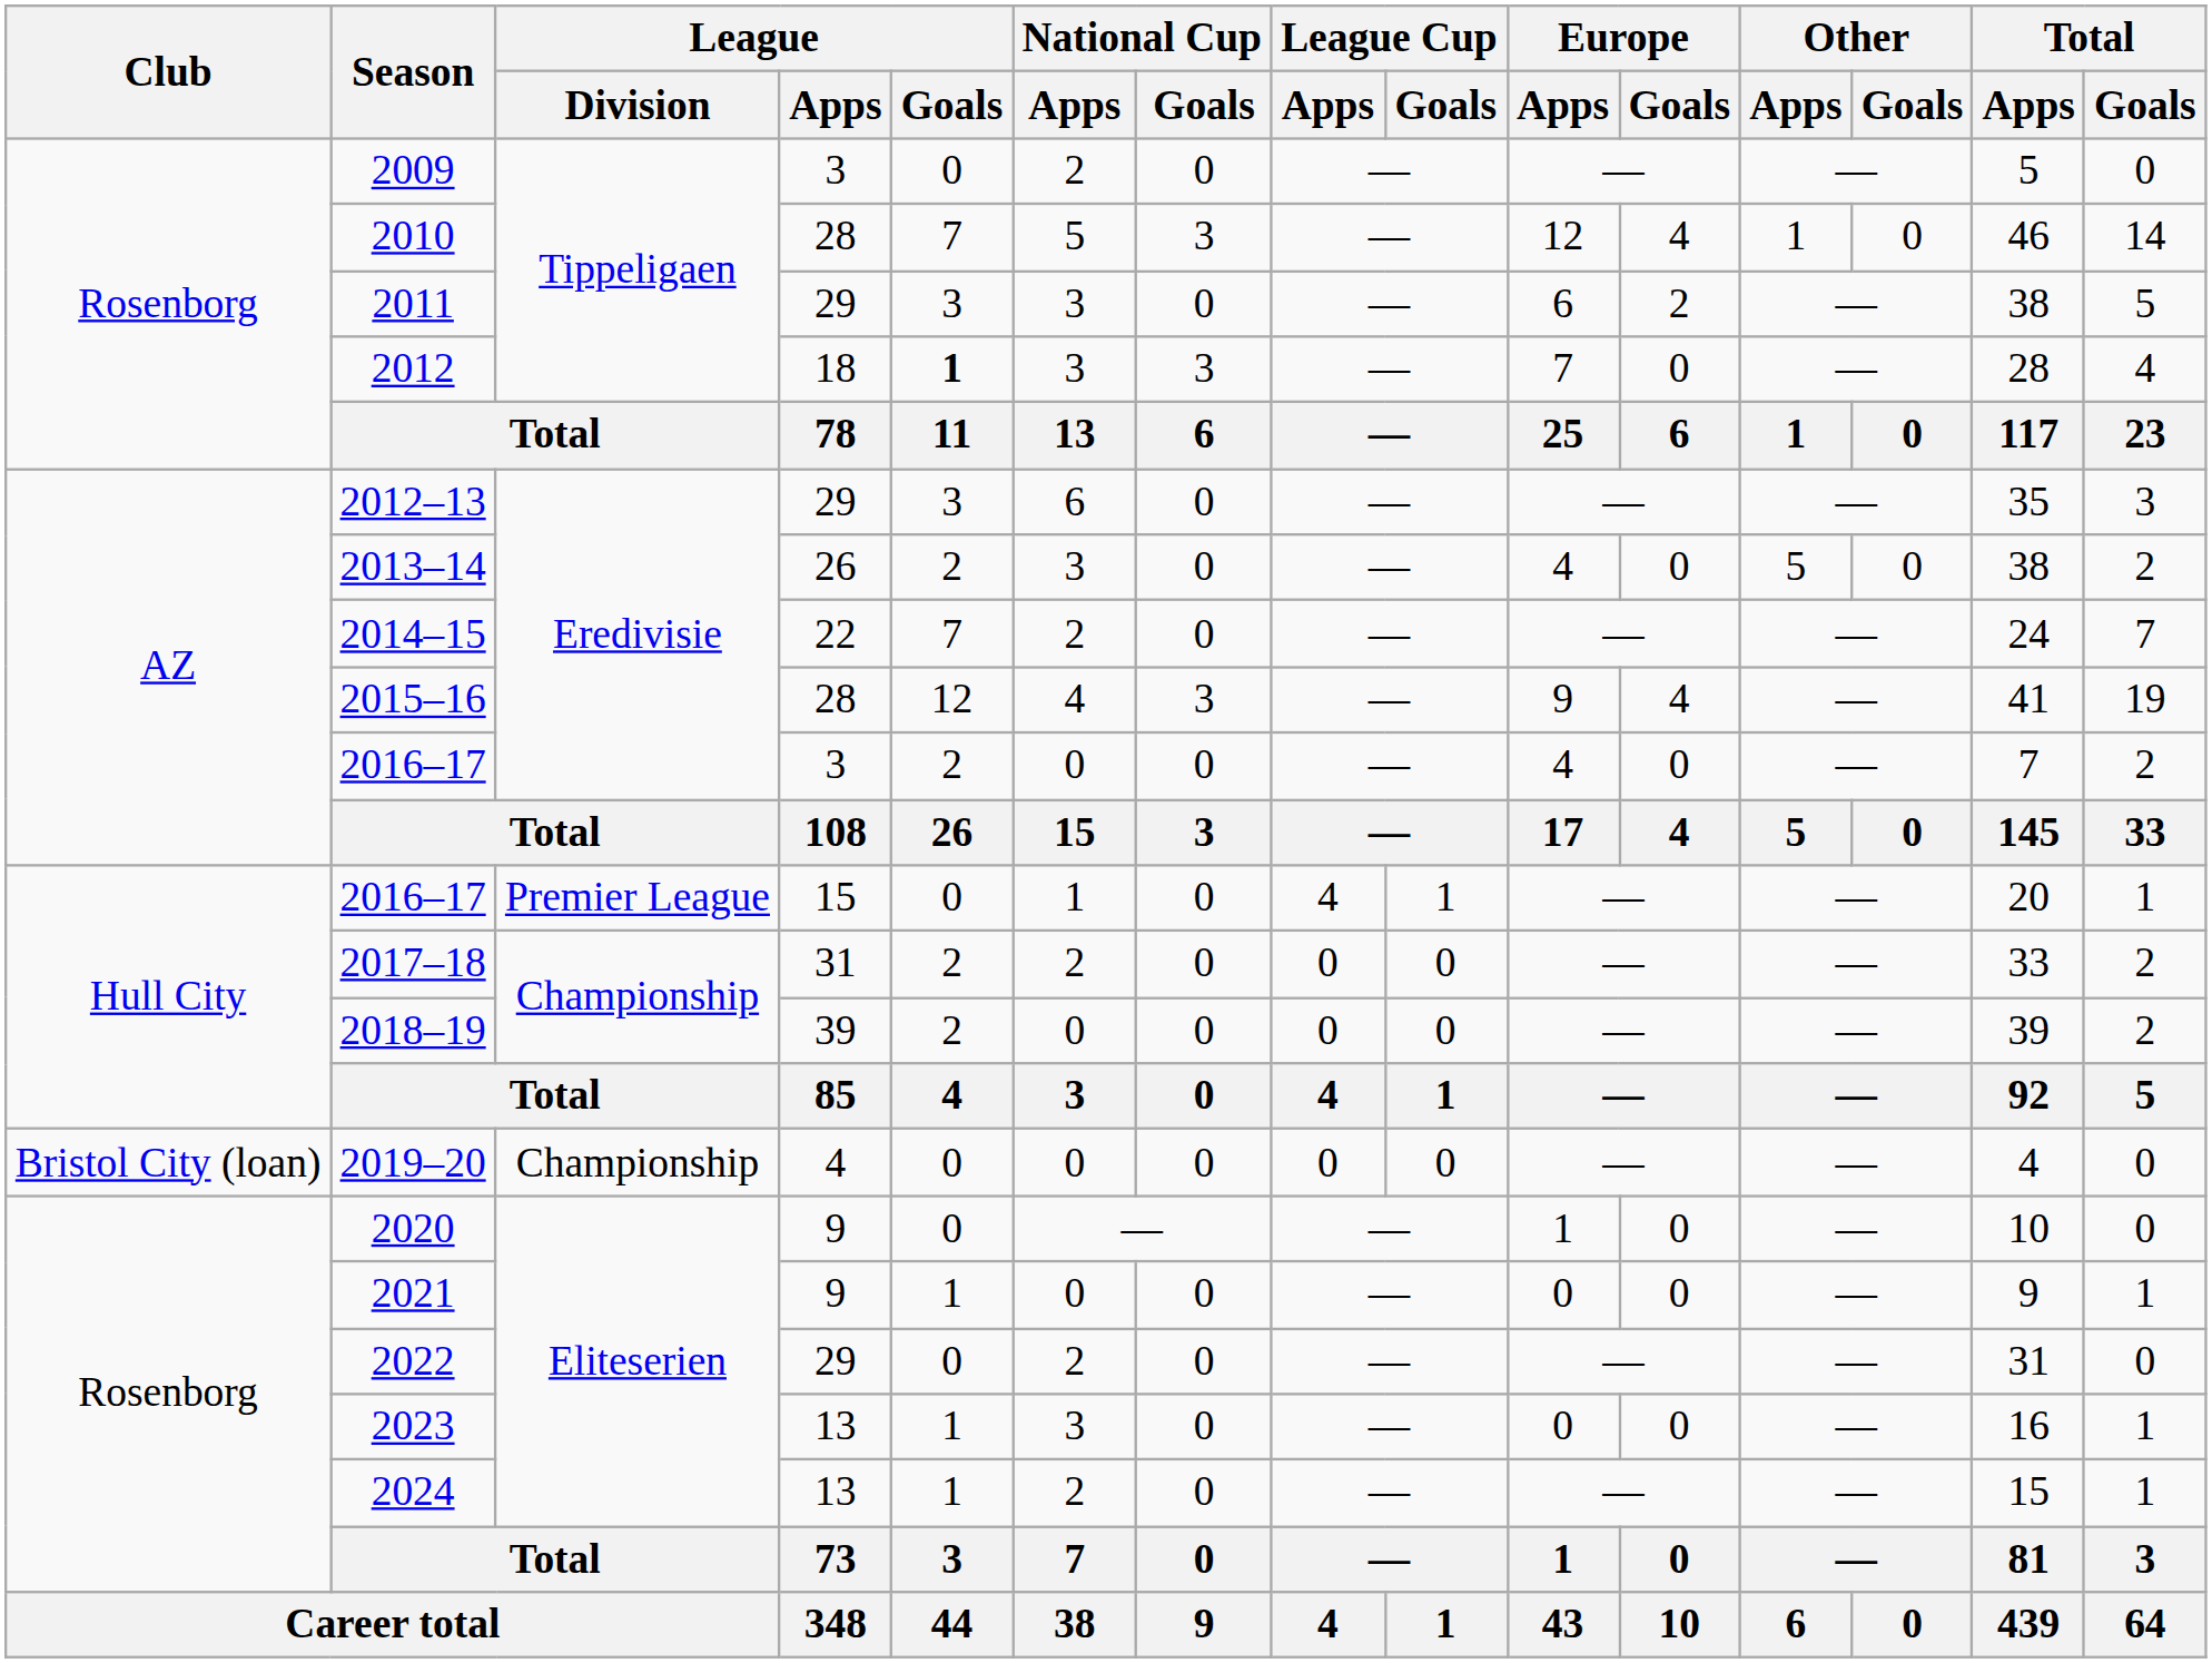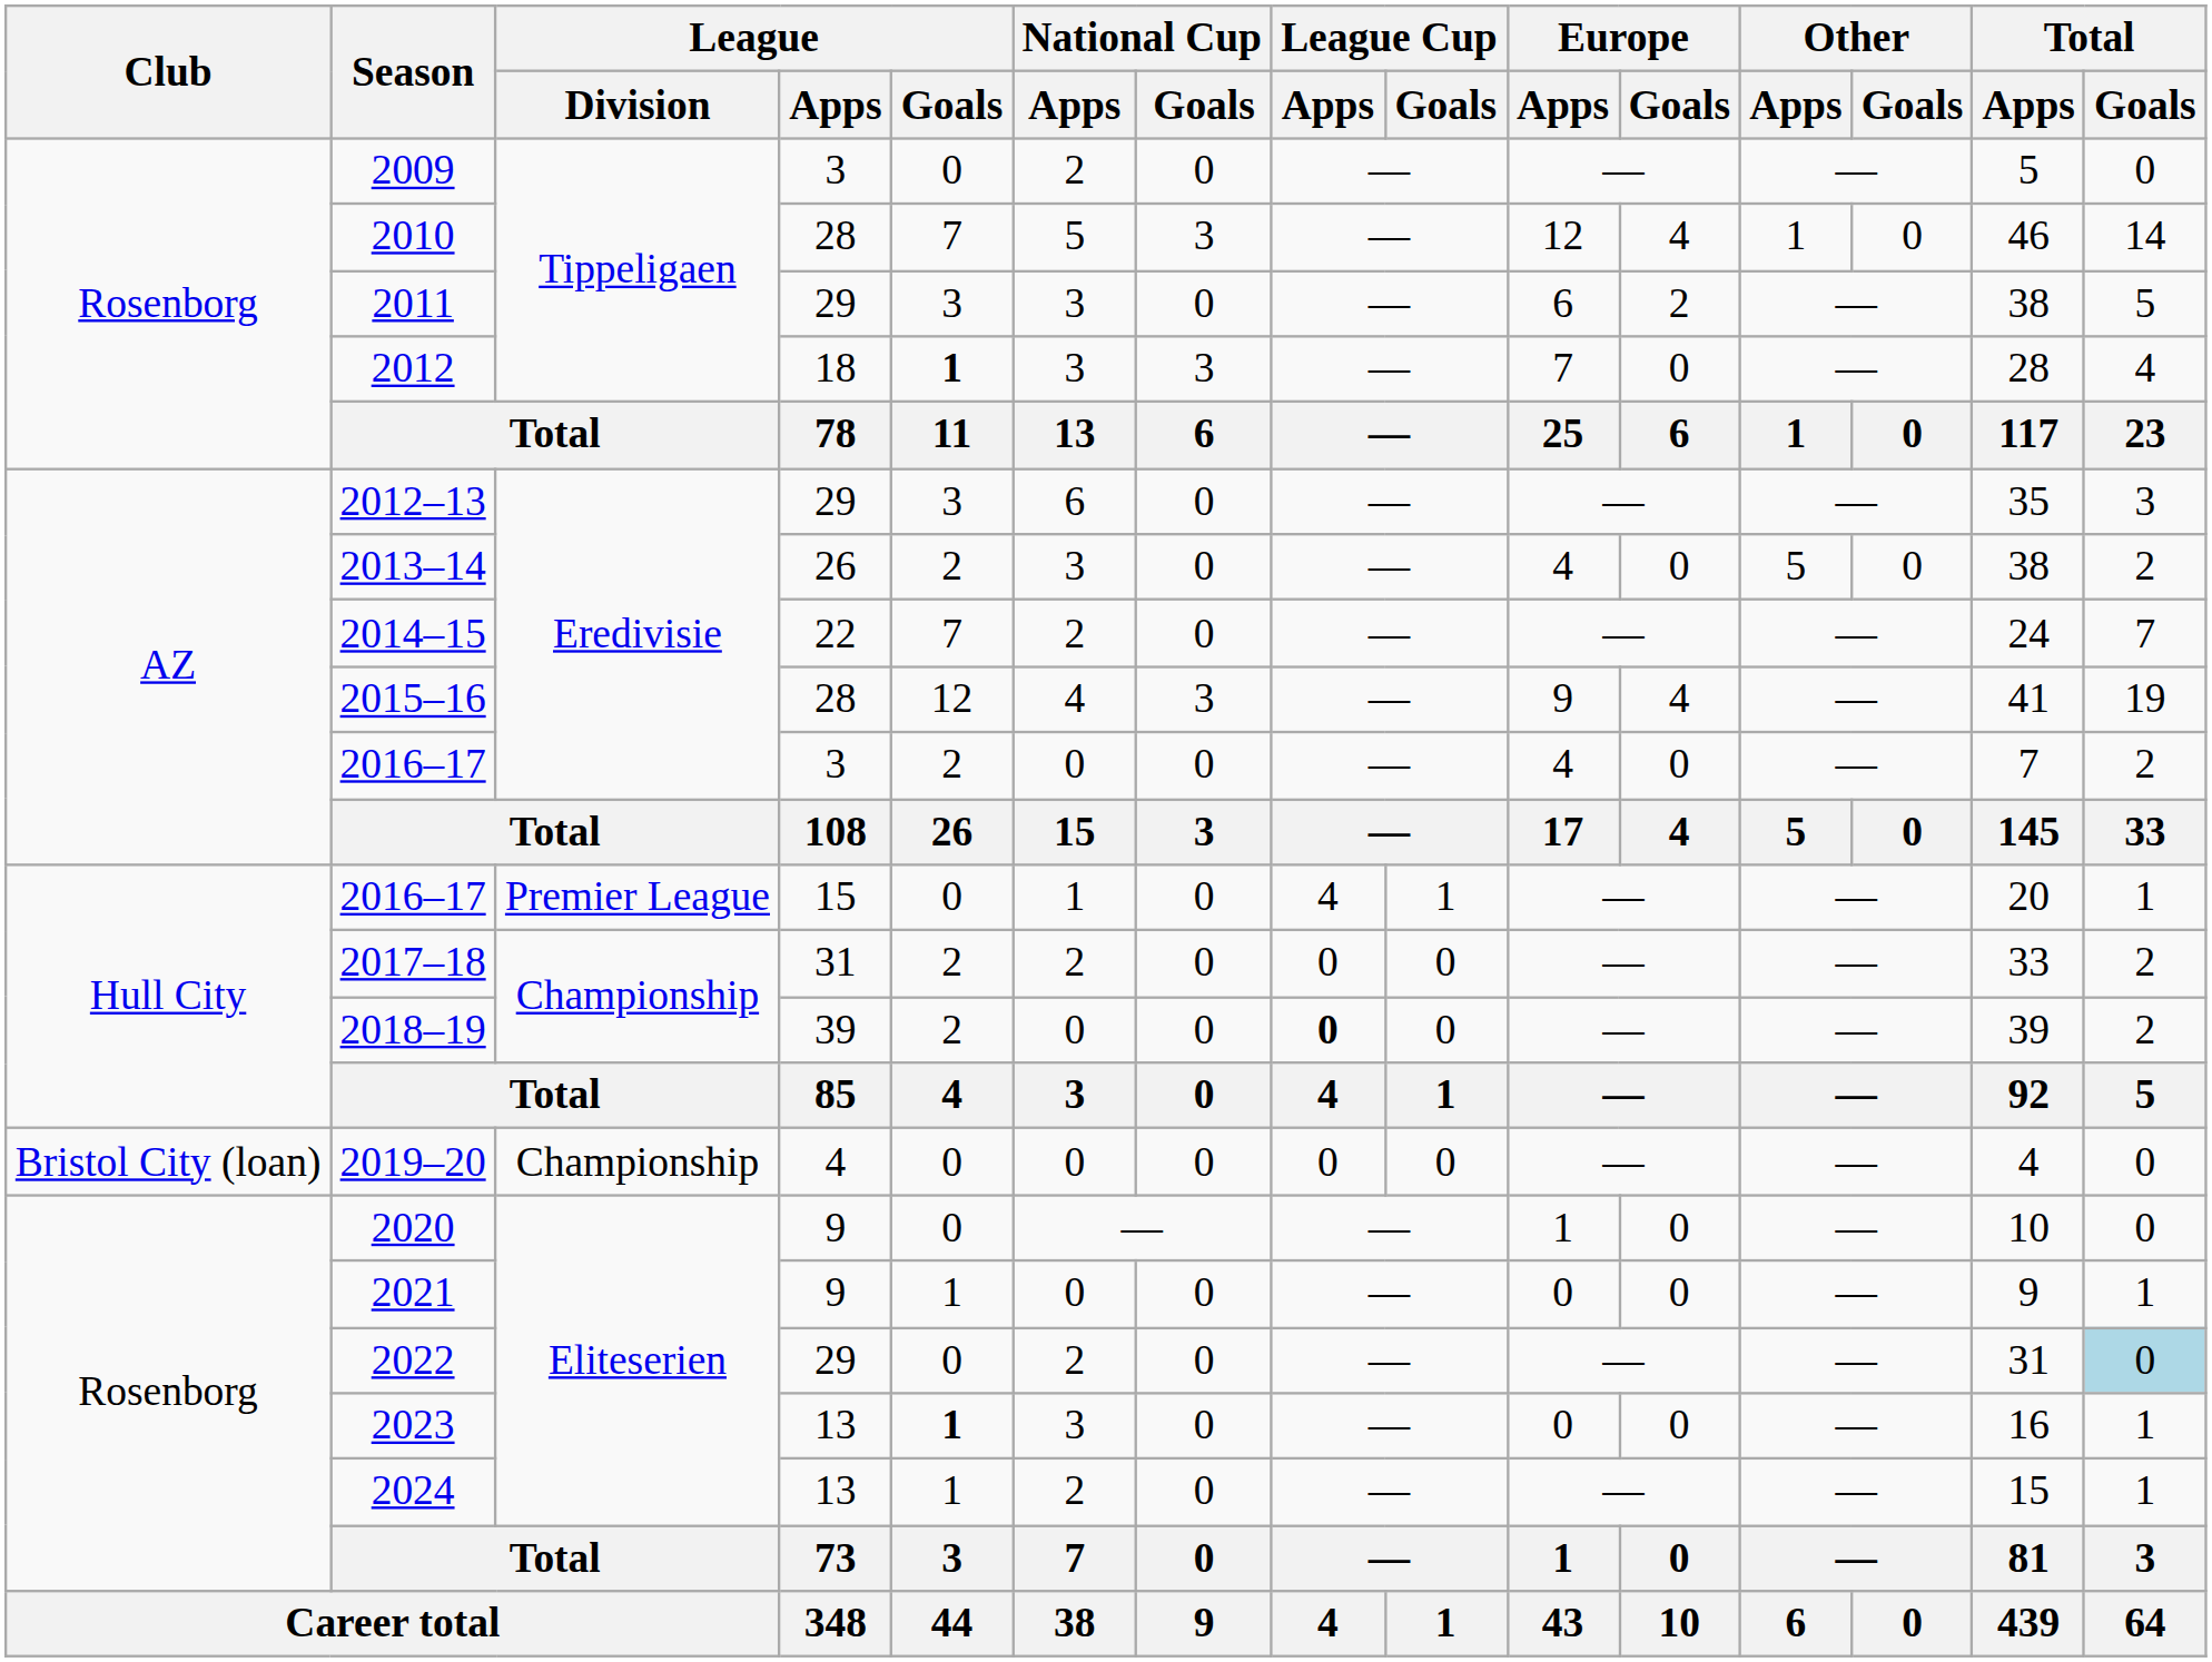 <table class="wikitable" style="text-align:center">
 <tr>
 <th rowspan=2>Club</th>
 <th rowspan=2>Season</th>
 <th colspan=3>League</th>
 <th colspan=2>National Cup</th>
 <th colspan=2>League Cup</th>
 <th colspan=2>Europe</th>
 <th colspan=2>Other</th>
 <th colspan=2>Total</th>
 </tr>
 <tr>
 <th>Division</th>
 <th>Apps</th>
 <th>Goals</th>
 <th>Apps</th>
 <th>Goals</th>
 <th>Apps</th>
 <th>Goals</th>
 <th>Apps</th>
 <th>Goals</th>
 <th>Apps</th>
 <th>Goals</th>
 <th>Apps</th>
 <th>Goals</th>
 </tr>
 <tr>
 <td rowspan=5><a href='#'>Rosenborg</a></td>
 <td><a href='#'>2009</a></td>
 <td rowspan=4><a href='#'>Tippeligaen</a></td>
 <td>3</td>
 <td>0</td>
 <td>2</td>
 <td>0</td>
 <td colspan=2>—</td>
 <td colspan=2>—</td>
 <td colspan=2>—</td>
 <td>5</td>
 <td>0</td>
 </tr>
 <tr>
 <td><a href='#'>2010</a></td>
 <td>28</td>
 <td>7</td>
 <td>5</td>
 <td>3</td>
 <td colspan=2>—</td>
 <td>12</td>
 <td>4</td>
 <td>1</td>
 <td>0</td>
 <td>46</td>
 <td>14</td>
 </tr>
 <tr>
 <td><a href='#'>2011</a></td>
 <td>29</td>
 <td>3</td>
 <td>3</td>
 <td>0</td>
 <td colspan=2>—</td>
 <td>6</td>
 <td>2</td>
 <td colspan=2>—</td>
 <td>38</td>
 <td>5</td>
 </tr>
 <tr>
 <td><a href='#'>2012</a></td>
 <td>18</td>
 <td><strong>1</strong></td>
 <td>3</td>
 <td>3</td>
 <td colspan=2>—</td>
 <td>7</td>
 <td>0</td>
 <td colspan=2>—</td>
 <td>28</td>
 <td>4</td>
 </tr>
 <tr>
 <th colspan=2>Total</th>
 <th>78</th>
 <th>11</th>
 <th>13</th>
 <th>6</th>
 <th colspan=2>—</th>
 <th>25</th>
 <th>6</th>
 <th>1</th>
 <th>0</th>
 <th>117</th>
 <th>23</th>
 </tr>
 <tr>
 <td rowspan=6><a href='#'>AZ</a></td>
 <td><a href='#'>2012–13</a></td>
 <td rowspan=5><a href='#'>Eredivisie</a></td>
 <td>29</td>
 <td>3</td>
 <td>6</td>
 <td>0</td>
 <td colspan=2>—</td>
 <td colspan=2>—</td>
 <td colspan=2>—</td>
 <td>35</td>
 <td>3</td>
 </tr>
 <tr>
 <td><a href='#'>2013–14</a></td>
 <td>26</td>
 <td>2</td>
 <td>3</td>
 <td>0</td>
 <td colspan=2>—</td>
 <td>4</td>
 <td>0</td>
 <td>5</td>
 <td>0</td>
 <td>38</td>
 <td>2</td>
 </tr>
 <tr>
 <td><a href='#'>2014–15</a></td>
 <td>22</td>
 <td>7</td>
 <td>2</td>
 <td>0</td>
 <td colspan=2>—</td>
 <td colspan=2>—</td>
 <td colspan=2>—</td>
 <td>24</td>
 <td>7</td>
 </tr>
 <tr>
 <td><a href='#'>2015–16</a></td>
 <td>28</td>
 <td>12</td>
 <td>4</td>
 <td>3</td>
 <td colspan=2>—</td>
 <td>9</td>
 <td>4</td>
 <td colspan=2>—</td>
 <td>41</td>
 <td>19</td>
 </tr>
 <tr>
 <td><a href='#'>2016–17</a></td>
 <td>3</td>
 <td>2</td>
 <td>0</td>
 <td>0</td>
 <td colspan=2>—</td>
 <td>4</td>
 <td>0</td>
 <td colspan=2>—</td>
 <td>7</td>
 <td>2</td>
 </tr>
 <tr>
 <th colspan=2>Total</th>
 <th>108</th>
 <th>26</th>
 <th>15</th>
 <th>3</th>
 <th colspan=2>—</th>
 <th>17</th>
 <th>4</th>
 <th>5</th>
 <th>0</th>
 <th>145</th>
 <th>33</th>
 </tr>
 <tr>
 <td rowspan=4><a href='#'>Hull City</a></td>
 <td><a href='#'>2016–17</a></td>
 <td><a href='#'>Premier League</a></td>
 <td>15</td>
 <td>0</td>
 <td>1</td>
 <td>0</td>
 <td>4</td>
 <td>1</td>
 <td colspan=2>—</td>
 <td colspan=2>—</td>
 <td>20</td>
 <td>1</td>
 </tr>
 <tr>
 <td><a href='#'>2017–18</a></td>
 <td rowspan=2><a href='#'>Championship</a></td>
 <td>31</td>
 <td>2</td>
 <td>2</td>
 <td>0</td>
 <td>0</td>
 <td>0</td>
 <td colspan=2>—</td>
 <td colspan="2">—</td>
 <td>33</td>
 <td>2</td>
 </tr>
 <tr>
 <td><a href='#'>2018–19</a></td>
 <td>39</td>
 <td>2</td>
 <td>0</td>
 <td>0</td>
-<td>0</td>
+<td><strong>0</strong></td>
 <td>0</td>
 <td colspan=2>—</td>
 <td colspan=2>—</td>
 <td>39</td>
 <td>2</td>
 </tr>
 <tr>
 <th colspan=2>Total</th>
 <th>85</th>
 <th>4</th>
 <th>3</th>
 <th>0</th>
 <th>4</th>
 <th>1</th>
 <th colspan=2>—</th>
 <th colspan=2>—</th>
 <th>92</th>
 <th>5</th>
 </tr>
 <tr>
 <td><a href='#'>Bristol City</a> (loan)</td>
 <td><a href='#'>2019–20</a></td>
 <td>Championship</td>
 <td>4</td>
 <td>0</td>
 <td>0</td>
 <td>0</td>
 <td>0</td>
 <td>0</td>
 <td colspan=2>—</td>
 <td colspan=2>—</td>
 <td>4</td>
 <td>0</td>
 </tr>
 <tr>
 <td rowspan=6>Rosenborg</td>
 <td><a href='#'>2020</a></td>
 <td rowspan=5><a href='#'>Eliteserien</a></td>
 <td>9</td>
 <td>0</td>
 <td colspan=2>—</td>
 <td colspan=2>—</td>
 <td>1</td>
 <td>0</td>
 <td colspan=2>—</td>
 <td>10</td>
 <td>0</td>
 </tr>
 <tr>
 <td><a href='#'>2021</a></td>
 <td>9</td>
 <td>1</td>
 <td>0</td>
 <td>0</td>
 <td colspan=2>—</td>
 <td>0</td>
 <td>0</td>
 <td colspan=2>—</td>
 <td>9</td>
 <td>1</td>
 </tr>
 <tr>
 <td><a href='#'>2022</a></td>
 <td>29</td>
 <td>0</td>
 <td>2</td>
 <td>0</td>
 <td colspan=2>—</td>
 <td colspan=2>—</td>
 <td colspan=2>—</td>
 <td>31</td>
-<td>0</td>
+<td style="background: lightblue;">0</td>
 </tr>
 <tr>
 <td><a href='#'>2023</a></td>
 <td>13</td>
-<td>1</td>
+<td><strong>1</strong></td>
 <td>3</td>
 <td>0</td>
 <td colspan=2>—</td>
 <td>0</td>
 <td>0</td>
 <td colspan=2>—</td>
 <td>16</td>
 <td>1</td>
 </tr>
 <tr>
 <td><a href='#'>2024</a></td>
 <td>13</td>
 <td>1</td>
 <td>2</td>
 <td>0</td>
 <td colspan=2>—</td>
 <td colspan=2>—</td>
 <td colspan=2>—</td>
 <td>15</td>
 <td>1</td>
 </tr>
 <tr>
 <th colspan=2>Total</th>
 <th>73</th>
 <th>3</th>
 <th>7</th>
 <th>0</th>
 <th colspan=2>—</th>
 <th>1</th>
 <th>0</th>
 <th colspan=2>—</th>
 <th>81</th>
 <th>3</th>
 </tr>
 <tr>
 <th colspan=3>Career total</th>
 <th>348</th>
 <th>44</th>
 <th>38</th>
 <th>9</th>
 <th>4</th>
 <th>1</th>
 <th>43</th>
 <th>10</th>
 <th>6</th>
 <th>0</th>
 <th>439</th>
 <th>64</th>
 </tr>
 </table>
